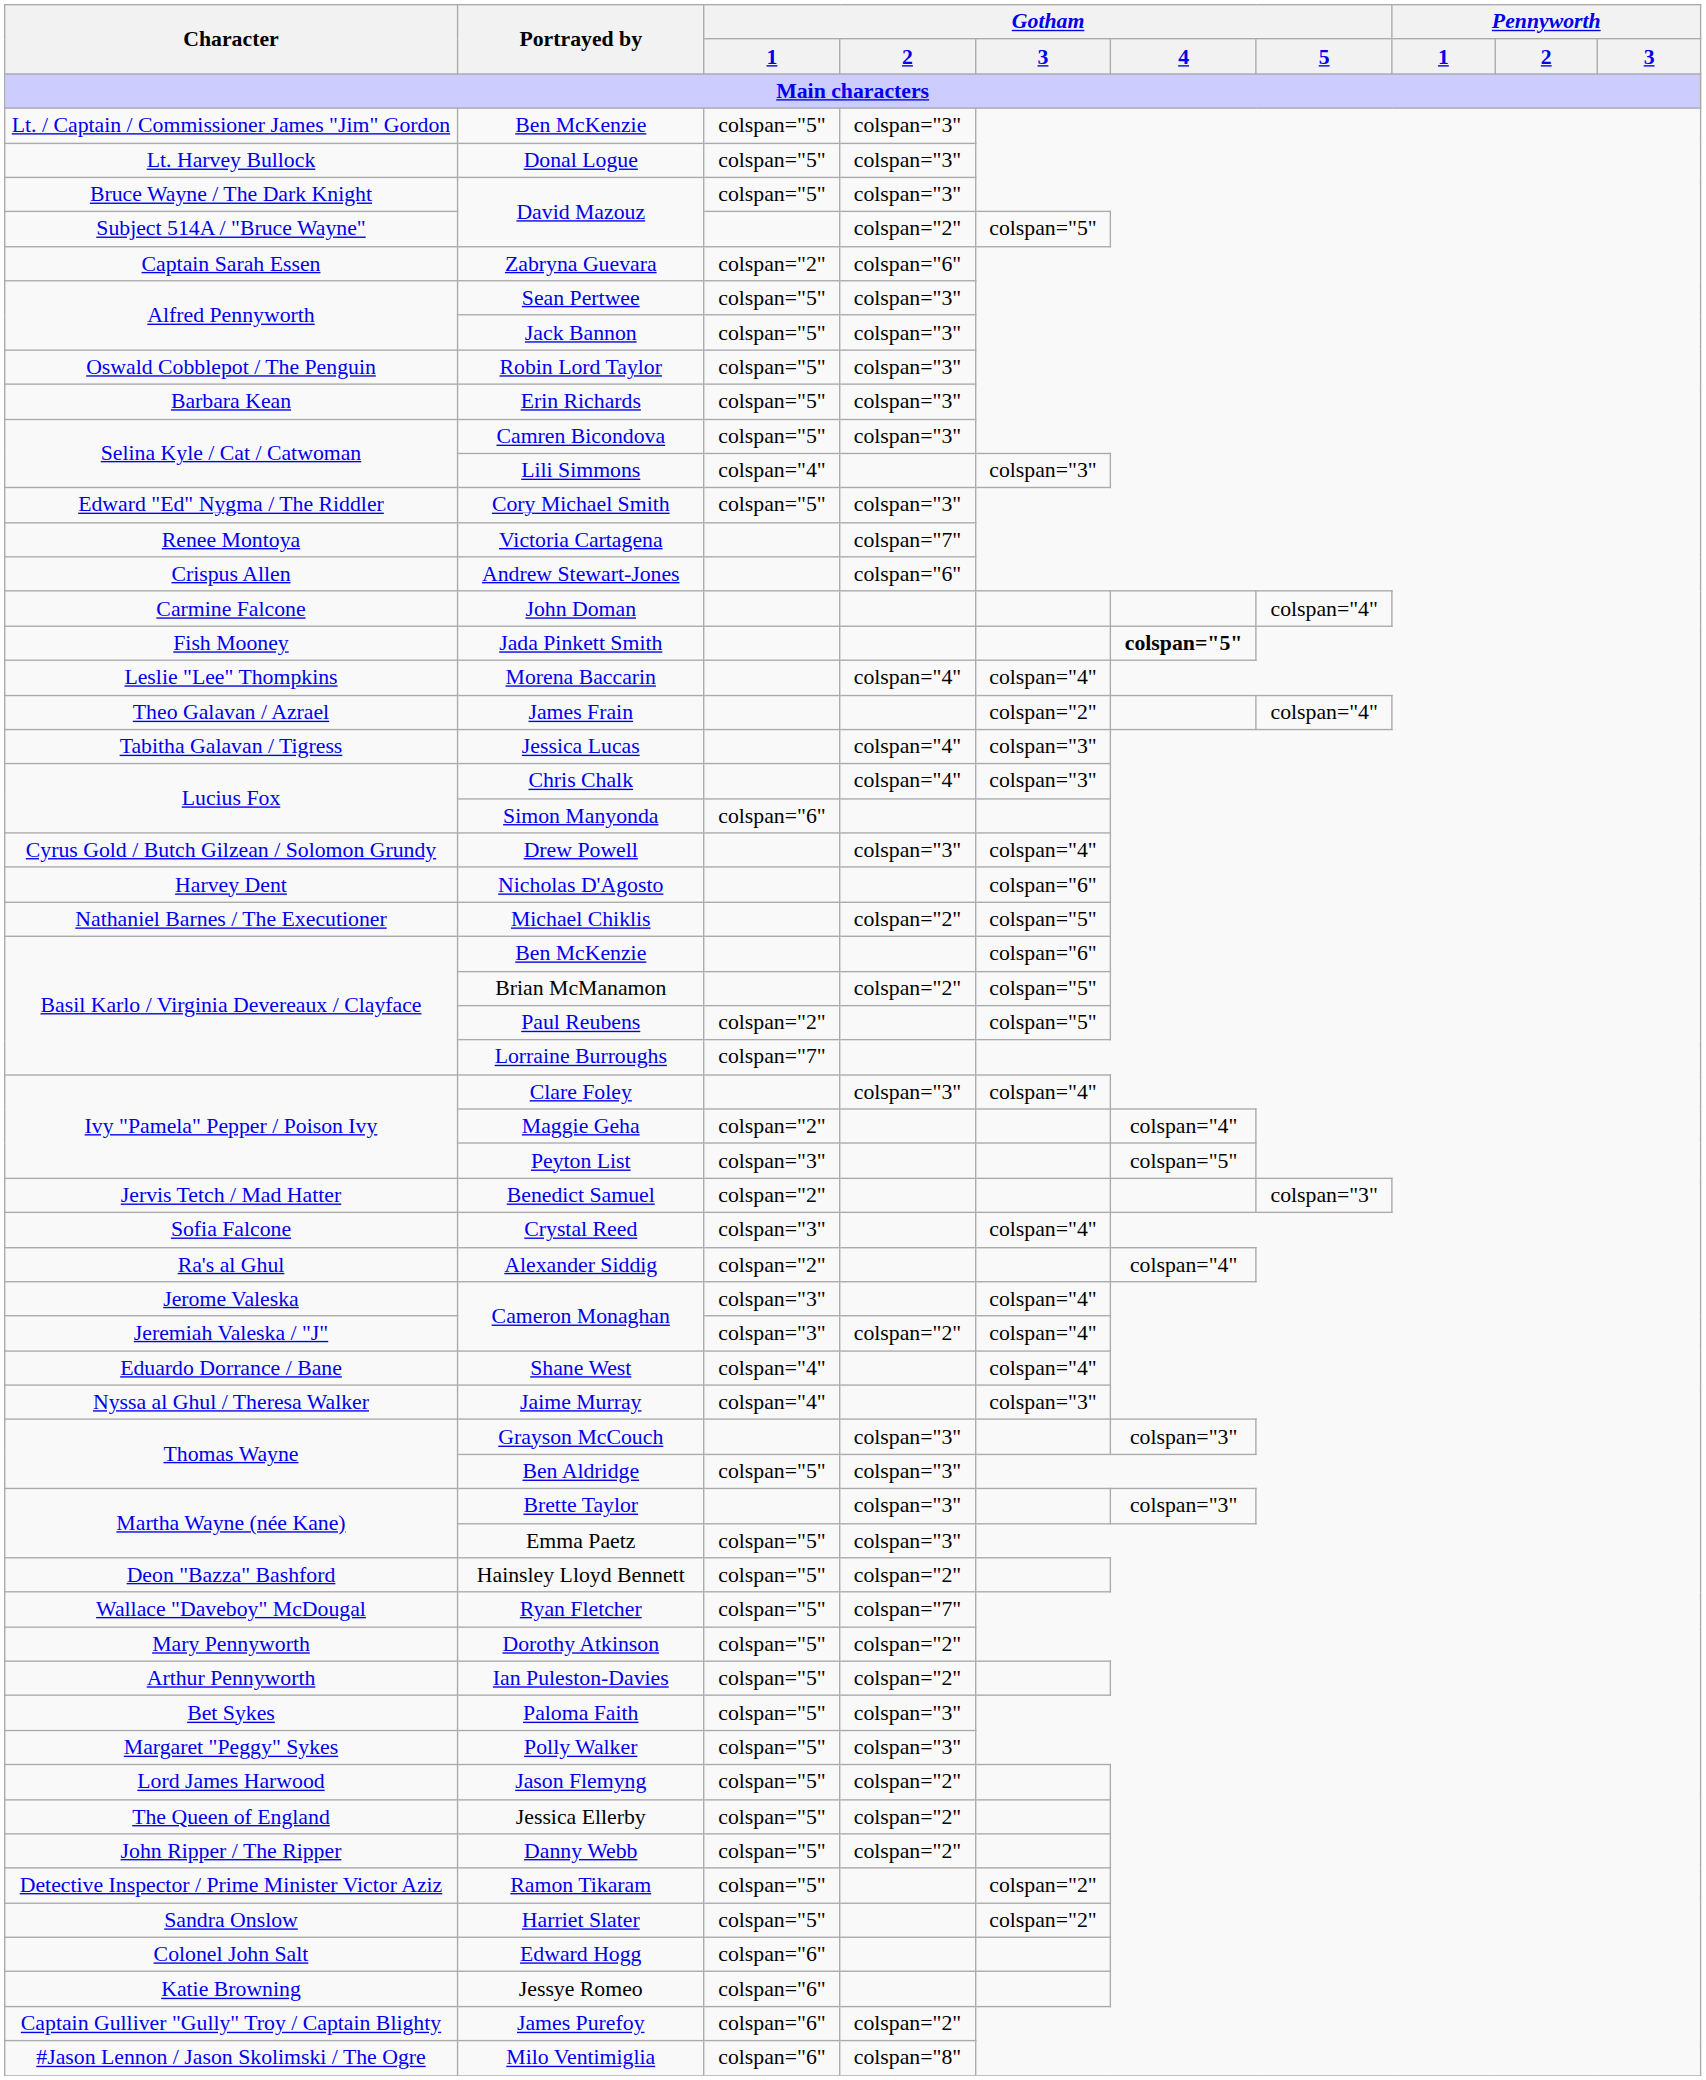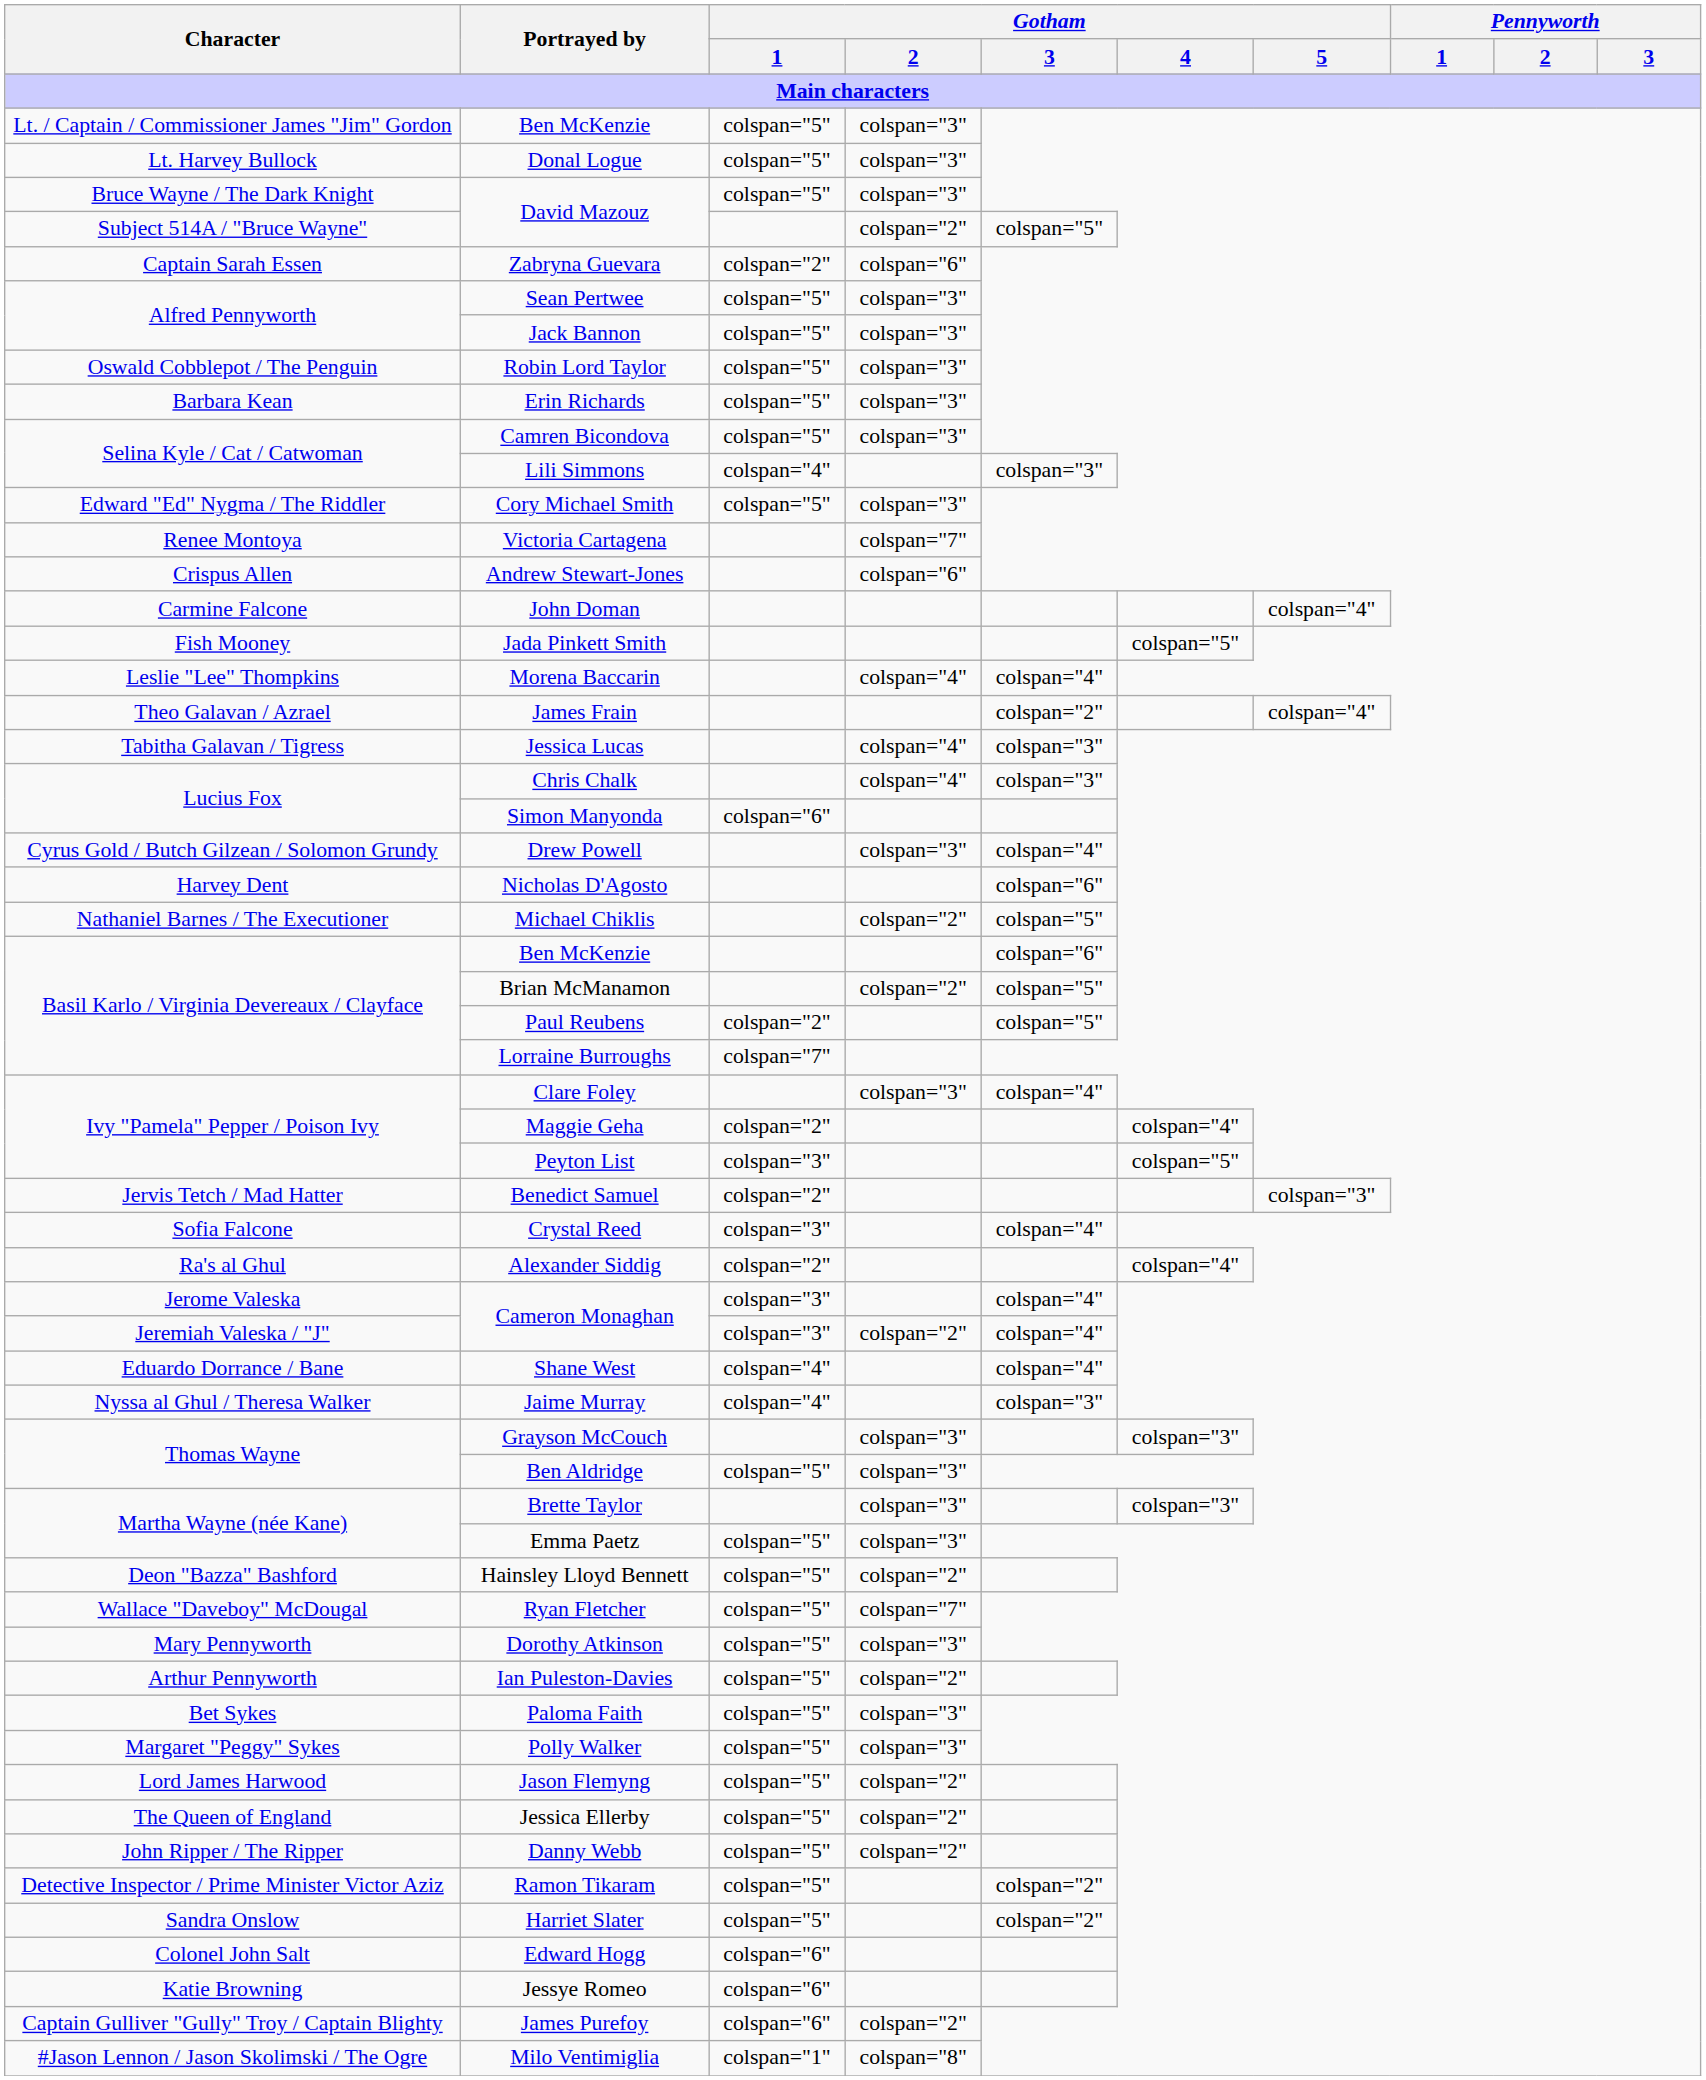 <table class="wikitable" style="text-align:center">
 <tr>
 <th scope="col" rowspan="2" style="width:22%;">Character</th>
 <th scope="col" rowspan="2" style="width:12%;">Portrayed by</th>
 <th scope="col" colspan="5"><em><a href='#'>Gotham</a></em></th>
 <th scope="col" colspan="3"><em><a href='#'>Pennyworth</a></em></th>
 </tr>
 <tr>
 <th scope="col" style="width:5%;"><a href='#'>1</a></th>
 <th scope="col" style="width:5%;"><a href='#'>2</a></th>
 <th scope="col" style="width:5%;"><a href='#'>3</a></th>
 <th scope="col" style="width:5%;"><a href='#'>4</a></th>
 <th scope="col" style="width:5%;"><a href='#'>5</a></th>
 <th scope="col" style="width:5%;"><a href='#'>1</a></th>
 <th scope="col" style="width:5%;"><a href='#'>2</a></th>
 <th scope="col" style="width:5%;"><a href='#'>3</a></th>
 </tr>
 <tr>
 <th colspan="11" style="background-color:#ccccff;"><a href='#'>Main characters</a></th>
 </tr>
 <tr>
 <td><a href='#'>Lt. / Captain / Commissioner James "Jim" Gordon</a></td>
 <td><a href='#'>Ben McKenzie</a></td>
 <td>colspan="5" </td>
 <td>colspan="3" </td>
 </tr>
 <tr>
 <td><a href='#'>Lt. Harvey Bullock</a></td>
 <td><a href='#'>Donal Logue</a></td>
 <td>colspan="5" </td>
 <td>colspan="3" </td>
 </tr>
 <tr>
 <td><a href='#'>Bruce Wayne / The Dark Knight</a></td>
 <td rowspan="2"><a href='#'>David Mazouz</a></td>
 <td>colspan="5" </td>
 <td>colspan="3" </td>
 </tr>
 <tr>
 <td><a href='#'>Subject 514A / "Bruce Wayne"</a></td>
 <td></td>
 <td>colspan="2" </td>
 <td>colspan="5" </td>
 </tr>
 <tr>
 <td><a href='#'>Captain Sarah Essen</a></td>
 <td><a href='#'>Zabryna Guevara</a></td>
 <td>colspan="2" </td>
 <td>colspan="6" </td>
 </tr>
 <tr>
 <td rowspan="2"><a href='#'>Alfred Pennyworth</a></td>
 <td><a href='#'>Sean Pertwee</a></td>
 <td>colspan="5" </td>
 <td>colspan="3" </td>
 </tr>
 <tr>
 <td><a href='#'>Jack Bannon</a></td>
 <td>colspan="5" </td>
 <td>colspan="3" </td>
 </tr>
 <tr>
 <td><a href='#'>Oswald Cobblepot / The Penguin</a></td>
 <td><a href='#'>Robin Lord Taylor</a></td>
 <td>colspan="5" </td>
 <td>colspan="3" </td>
 </tr>
 <tr>
 <td><a href='#'>Barbara Kean</a></td>
 <td><a href='#'>Erin Richards</a></td>
 <td>colspan="5" </td>
 <td>colspan="3" </td>
 </tr>
 <tr>
 <td rowspan="2"><a href='#'>Selina Kyle / Cat / Catwoman</a></td>
 <td><a href='#'>Camren Bicondova</a></td>
 <td>colspan="5" </td>
 <td>colspan="3" </td>
 </tr>
 <tr>
 <td><a href='#'>Lili Simmons</a></td>
 <td>colspan="4" </td>
 <td></td>
 <td>colspan="3" </td>
 </tr>
 <tr>
 <td><a href='#'>Edward "Ed" Nygma / The Riddler</a></td>
 <td><a href='#'>Cory Michael Smith</a></td>
 <td>colspan="5" </td>
 <td>colspan="3" </td>
 </tr>
 <tr>
 <td><a href='#'>Renee Montoya</a></td>
 <td><a href='#'>Victoria Cartagena</a></td>
 <td></td>
 <td>colspan="7" </td>
 </tr>
 <tr>
 <td><a href='#'>Crispus Allen</a></td>
 <td><a href='#'>Andrew Stewart-Jones</a></td>
 <td></td>
 <td>colspan="6" </td>
 </tr>
 <tr>
 <td><a href='#'>Carmine Falcone</a></td>
 <td><a href='#'>John Doman</a></td>
 <td></td>
 <td></td>
 <td></td>
 <td></td>
 <td>colspan="4" </td>
 </tr>
 <tr>
 <td><a href='#'>Fish Mooney</a></td>
 <td><a href='#'>Jada Pinkett Smith</a></td>
 <td></td>
 <td></td>
 <td></td>
-<td><strong>colspan="5" </strong></td>
+<td>colspan="5" </td>
 </tr>
 <tr>
 <td><a href='#'>Leslie "Lee" Thompkins</a></td>
 <td><a href='#'>Morena Baccarin</a></td>
 <td></td>
 <td>colspan="4" </td>
 <td>colspan="4" </td>
 </tr>
 <tr>
 <td><a href='#'>Theo Galavan / Azrael</a></td>
 <td><a href='#'>James Frain</a></td>
 <td></td>
 <td></td>
 <td>colspan="2" </td>
 <td></td>
 <td>colspan="4" </td>
 </tr>
 <tr>
 <td><a href='#'>Tabitha Galavan / Tigress</a></td>
 <td><a href='#'>Jessica Lucas</a></td>
 <td></td>
 <td>colspan="4" </td>
 <td>colspan="3" </td>
 </tr>
 <tr>
 <td rowspan="2"><a href='#'>Lucius Fox</a></td>
 <td><a href='#'>Chris Chalk</a></td>
 <td></td>
 <td>colspan="4" </td>
 <td>colspan="3" </td>
 </tr>
 <tr>
 <td><a href='#'>Simon Manyonda</a></td>
 <td>colspan="6" </td>
 <td></td>
 <td></td>
 </tr>
 <tr>
 <td><a href='#'>Cyrus Gold / Butch Gilzean / Solomon Grundy</a></td>
 <td><a href='#'>Drew Powell</a></td>
 <td></td>
 <td>colspan="3" </td>
 <td>colspan="4" </td>
 </tr>
 <tr>
 <td><a href='#'>Harvey Dent</a></td>
 <td><a href='#'>Nicholas D'Agosto</a></td>
 <td></td>
 <td></td>
 <td>colspan="6" </td>
 </tr>
 <tr>
 <td><a href='#'>Nathaniel Barnes / The Executioner</a></td>
 <td><a href='#'>Michael Chiklis</a></td>
 <td></td>
 <td>colspan="2" </td>
 <td>colspan="5" </td>
 </tr>
 <tr>
 <td rowspan="4"><a href='#'>Basil Karlo / Virginia Devereaux / Clayface</a></td>
 <td><a href='#'>Ben McKenzie</a></td>
 <td></td>
 <td></td>
 <td>colspan="6" </td>
 </tr>
 <tr>
 <td>Brian McManamon</td>
 <td></td>
 <td>colspan="2" </td>
 <td>colspan="5" </td>
 </tr>
 <tr>
 <td><a href='#'>Paul Reubens</a></td>
 <td>colspan="2" </td>
 <td></td>
 <td>colspan="5" </td>
 </tr>
 <tr>
 <td><a href='#'>Lorraine Burroughs</a></td>
 <td>colspan="7" </td>
 <td></td>
 </tr>
 <tr>
 <td rowspan="3"><a href='#'>Ivy "Pamela" Pepper / Poison Ivy</a></td>
 <td><a href='#'>Clare Foley</a></td>
 <td></td>
 <td>colspan="3" </td>
 <td>colspan="4" </td>
 </tr>
 <tr>
 <td><a href='#'>Maggie Geha</a></td>
 <td>colspan="2" </td>
 <td></td>
 <td></td>
 <td>colspan="4" </td>
 </tr>
 <tr>
 <td><a href='#'>Peyton List</a></td>
 <td>colspan="3" </td>
 <td></td>
 <td></td>
 <td>colspan="5" </td>
 </tr>
 <tr>
 <td><a href='#'>Jervis Tetch / Mad Hatter</a></td>
 <td><a href='#'>Benedict Samuel</a></td>
 <td>colspan="2" </td>
 <td></td>
 <td></td>
 <td></td>
 <td>colspan="3" </td>
 </tr>
 <tr>
 <td><a href='#'>Sofia Falcone</a></td>
 <td><a href='#'>Crystal Reed</a></td>
 <td>colspan="3" </td>
 <td></td>
 <td>colspan="4" </td>
 </tr>
 <tr>
 <td><a href='#'>Ra's al Ghul</a></td>
 <td><a href='#'>Alexander Siddig</a></td>
 <td>colspan="2" </td>
 <td></td>
 <td></td>
 <td>colspan="4" </td>
 </tr>
 <tr>
 <td><a href='#'>Jerome Valeska</a></td>
 <td rowspan="2"><a href='#'>Cameron Monaghan</a></td>
 <td>colspan="3" </td>
 <td></td>
 <td>colspan="4" </td>
 </tr>
 <tr>
 <td><a href='#'>Jeremiah Valeska / "J"</a></td>
 <td>colspan="3" </td>
 <td>colspan="2" </td>
 <td>colspan="4" </td>
 </tr>
 <tr>
 <td><a href='#'>Eduardo Dorrance / Bane</a></td>
 <td><a href='#'>Shane West</a></td>
 <td>colspan="4" </td>
 <td></td>
 <td>colspan="4" </td>
 </tr>
 <tr>
 <td><a href='#'>Nyssa al Ghul / Theresa Walker</a></td>
 <td><a href='#'>Jaime Murray</a></td>
 <td>colspan="4" </td>
 <td></td>
 <td>colspan="3" </td>
 </tr>
 <tr>
 <td rowspan="2"><a href='#'>Thomas Wayne</a></td>
 <td><a href='#'>Grayson McCouch</a></td>
 <td></td>
 <td>colspan="3" </td>
 <td></td>
 <td>colspan="3" </td>
 </tr>
 <tr>
 <td><a href='#'>Ben Aldridge</a></td>
 <td>colspan="5" </td>
 <td>colspan="3" </td>
 </tr>
 <tr>
 <td rowspan="2"><a href='#'>Martha Wayne (née Kane)</a></td>
 <td><a href='#'>Brette Taylor</a></td>
 <td></td>
 <td>colspan="3" </td>
 <td></td>
 <td>colspan="3" </td>
 </tr>
 <tr>
 <td>Emma Paetz</td>
 <td>colspan="5" </td>
 <td>colspan="3" </td>
 </tr>
 <tr>
 <td><a href='#'>Deon "Bazza" Bashford</a></td>
 <td>Hainsley Lloyd Bennett</td>
 <td>colspan="5" </td>
 <td>colspan="2" </td>
 <td></td>
 </tr>
 <tr>
 <td><a href='#'>Wallace "Daveboy" McDougal</a></td>
 <td><a href='#'>Ryan Fletcher</a></td>
 <td>colspan="5" </td>
 <td>colspan="7" </td>
 </tr>
 <tr>
 <td><a href='#'>Mary Pennyworth</a></td>
 <td><a href='#'>Dorothy Atkinson</a></td>
 <td>colspan="5" </td>
-<td>colspan="2" </td>
+<td>colspan="3" </td>
 </tr>
 <tr>
 <td><a href='#'>Arthur Pennyworth</a></td>
 <td><a href='#'>Ian Puleston-Davies</a></td>
 <td>colspan="5" </td>
 <td>colspan="2" </td>
 <td></td>
 </tr>
 <tr>
 <td><a href='#'>Bet Sykes</a></td>
 <td><a href='#'>Paloma Faith</a></td>
 <td>colspan="5" </td>
 <td>colspan="3" </td>
 </tr>
 <tr>
 <td><a href='#'>Margaret "Peggy" Sykes</a></td>
 <td><a href='#'>Polly Walker</a></td>
 <td>colspan="5" </td>
 <td>colspan="3" </td>
 </tr>
 <tr>
 <td><a href='#'>Lord James Harwood</a></td>
 <td><a href='#'>Jason Flemyng</a></td>
 <td>colspan="5" </td>
 <td>colspan="2" </td>
 <td></td>
 </tr>
 <tr>
 <td><a href='#'>The Queen of England</a></td>
 <td>Jessica Ellerby</td>
 <td>colspan="5" </td>
 <td>colspan="2" </td>
 <td></td>
 </tr>
 <tr>
 <td><a href='#'>John Ripper / The Ripper</a></td>
 <td><a href='#'>Danny Webb</a></td>
 <td>colspan="5" </td>
 <td>colspan="2" </td>
 <td></td>
 </tr>
 <tr>
 <td><a href='#'>Detective Inspector / Prime Minister Victor Aziz</a></td>
 <td><a href='#'>Ramon Tikaram</a></td>
 <td>colspan="5" </td>
 <td></td>
 <td>colspan="2" </td>
 </tr>
 <tr>
 <td><a href='#'>Sandra Onslow</a></td>
 <td><a href='#'>Harriet Slater</a></td>
 <td>colspan="5" </td>
 <td></td>
 <td>colspan="2" </td>
 </tr>
 <tr>
 <td><a href='#'>Colonel John Salt</a></td>
 <td><a href='#'>Edward Hogg</a></td>
 <td>colspan="6" </td>
 <td></td>
 <td></td>
 </tr>
 <tr>
 <td><a href='#'>Katie Browning</a></td>
 <td>Jessye Romeo</td>
 <td>colspan="6" </td>
 <td></td>
 <td></td>
 </tr>
 <tr>
 <td><a href='#'>Captain Gulliver "Gully" Troy / Captain Blighty</a></td>
 <td><a href='#'>James Purefoy</a></td>
 <td>colspan="6" </td>
 <td>colspan="2" </td>
 </tr>
 <tr>
 <td><a href='#'>#Jason Lennon / Jason Skolimski / The Ogre</a></td>
 <td><a href='#'>Milo Ventimiglia</a></td>
-<td>colspan="6" </td>
+<td>colspan="1" </td>
 <td>colspan="8" </td>
 </tr>
 </table>
